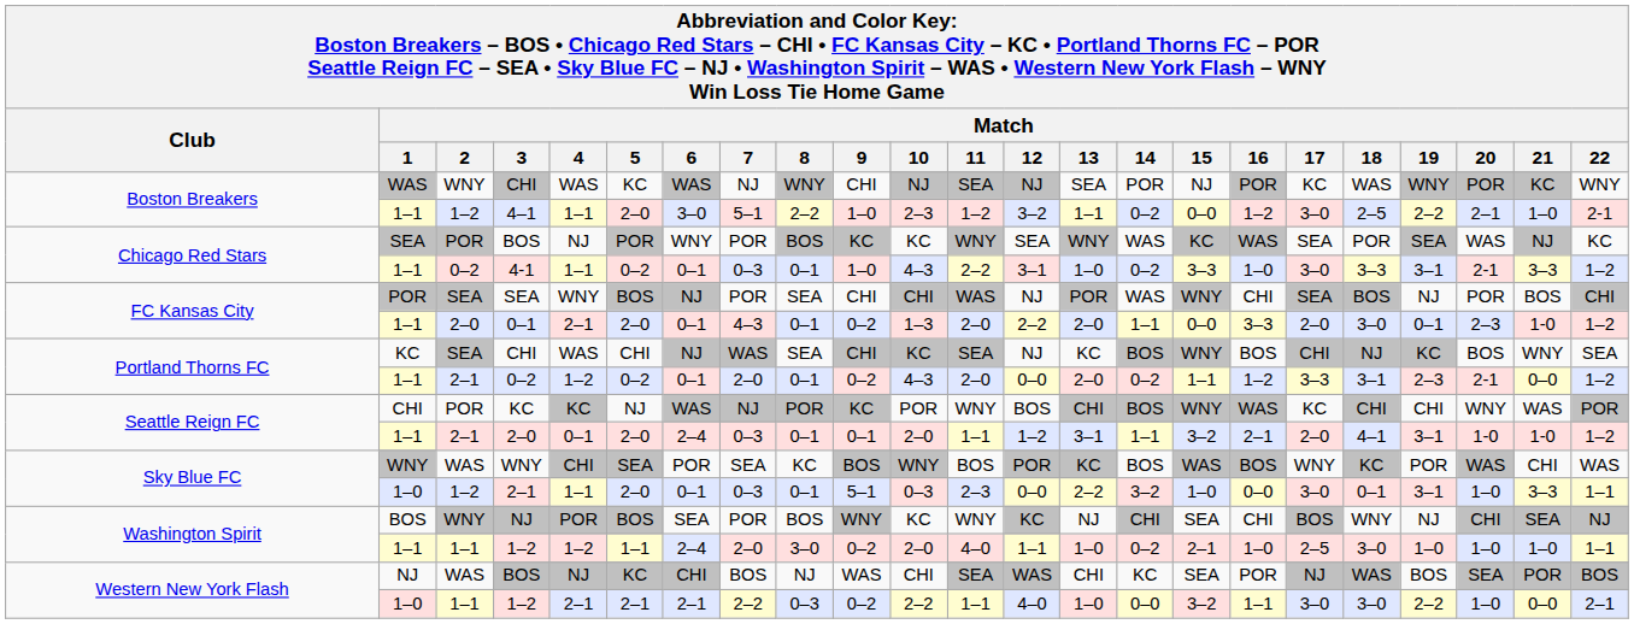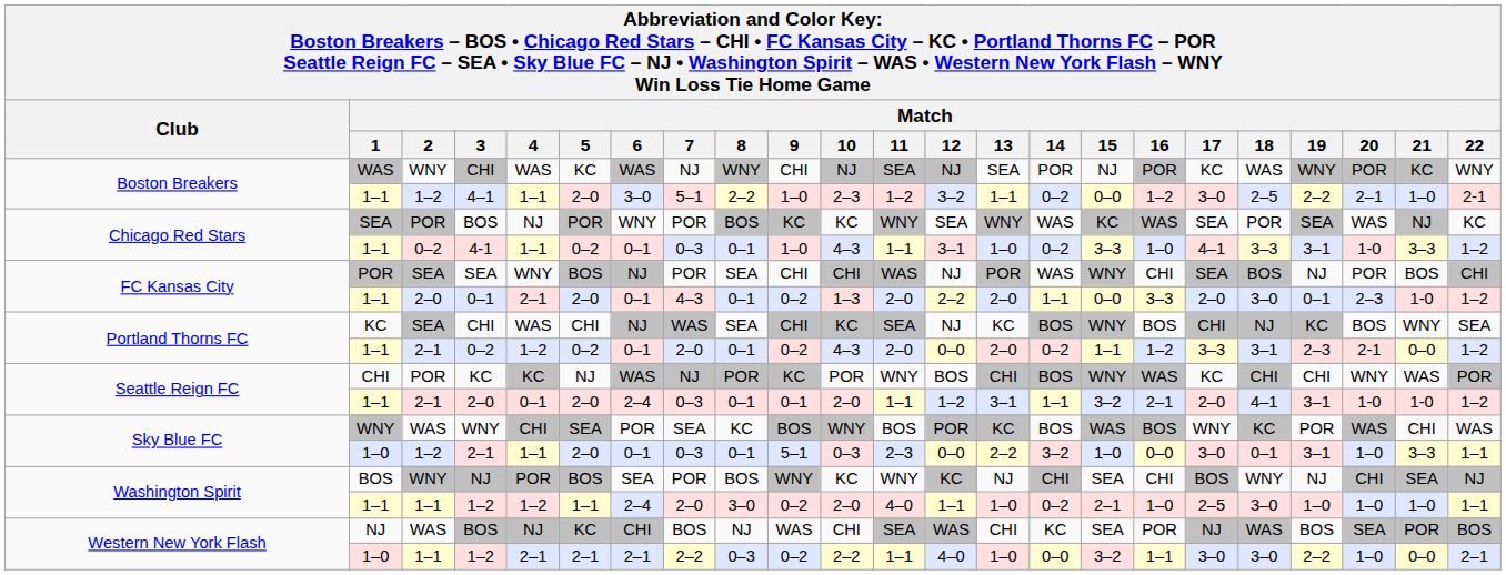 <table class="wikitable" style="text-align:center;width=90%">
 <tr>
 <th colspan="23">Abbreviation and Color Key:<br><a href='#'>Boston Breakers</a> – BOS • <a href='#'>Chicago Red Stars</a> – CHI • <a href='#'>FC Kansas City</a> – KC • <a href='#'>Portland Thorns FC</a> – POR<br><a href='#'>Seattle Reign FC</a> – SEA • <a href='#'>Sky Blue FC</a> – NJ • <a href='#'>Washington Spirit</a> – WAS • <a href='#'>Western New York Flash</a> – WNY<br><span>Win</span>  <span>Loss</span>  <span>Tie</span> <span>Home Game</span></th>
 </tr>
 <tr>
 <th style="width:20%;" rowspan="2">Club</th>
 <th style="width:72%;" colspan="22">Match</th>
 </tr>
 <tr style="background:#ccc; font-size:90%;">
 <th style="width:3%;">1</th>
 <th style="width:3%;">2</th>
 <th style="width:3%;">3</th>
 <th style="width:3%;">4</th>
 <th style="width:3%;">5</th>
 <th style="width:3%;">6</th>
 <th style="width:3%;">7</th>
 <th style="width:3%;">8</th>
 <th style="width:3%;">9</th>
 <th style="width:3%;">10</th>
 <th style="width:3%;">11</th>
 <th style="width:3%;">12</th>
 <th style="width:3%;">13</th>
 <th style="width:3%;">14</th>
 <th style="width:3%;">15</th>
 <th style="width:3%;">16</th>
 <th style="width:3%;">17</th>
 <th style="width:3%;">18</th>
 <th style="width:3%;">19</th>
 <th style="width:3%;">20</th>
 <th style="width:3%;">21</th>
 <th style="width:3%;">22<br> </th>
 </tr>
 <tr style="font-size: 85%">
 <td rowspan="2"><a href='#'>Boston Breakers</a></td>
 <td style="background:silver;">WAS</td>
 <td>WNY</td>
 <td style="background:silver;">CHI</td>
 <td>WAS</td>
 <td>KC</td>
 <td style="background:silver;">WAS</td>
 <td>NJ</td>
 <td style="background:silver;">WNY</td>
 <td>CHI</td>
 <td style="background:silver;">NJ</td>
 <td style="background:silver;">SEA</td>
 <td style="background:silver;">NJ</td>
 <td>SEA</td>
 <td>POR</td>
 <td>NJ</td>
 <td style="background:silver;">POR</td>
 <td>KC</td>
 <td>WAS</td>
 <td style="background:silver;">WNY</td>
 <td style="background:silver;">POR</td>
 <td style="background:silver;">KC</td>
 <td>WNY</td>
 </tr>
 <tr style="font-size: 85%">
 <td style="background:#fffdd0;">1–1</td>
 <td style="background:#dfe7ff;">1–2</td>
 <td style="background:#dfe7ff;">4–1</td>
 <td style="background:#fffdd0;">1–1</td>
 <td style="background:#ffdfdf;">2–0</td>
 <td style="background:#dfe7ff;">3–0</td>
 <td style="background:#ffdfdf;">5–1</td>
 <td style="background:#fffdd0;">2–2</td>
 <td style="background:#ffdfdf;">1–0</td>
 <td style="background:#ffdfdf;">2–3</td>
 <td style="background:#ffdfdf;">1–2</td>
 <td style="background:#dfe7ff;">3–2</td>
 <td style="background:#fffdd0;">1–1</td>
 <td style="background:#dfe7ff;">0–2</td>
 <td style="background:#fffdd0;">0–0</td>
 <td style="background:#ffdfdf;">1–2</td>
 <td style="background:#ffdfdf;">3–0</td>
 <td style="background:#dfe7ff;">2–5</td>
 <td style="background:#fffdd0;">2–2</td>
 <td style="background:#dfe7ff;">2–1</td>
 <td style="background:#dfe7ff;">1–0</td>
 <td style="background:#ffdfdf;">2-1</td>
 </tr>
 <tr style="font-size: 85%">
 <td rowspan="2"><a href='#'>Chicago Red Stars</a></td>
 <td style="background:silver;">SEA</td>
 <td style="background:silver;">POR</td>
 <td>BOS</td>
 <td>NJ</td>
 <td style="background:silver;">POR</td>
 <td>WNY</td>
 <td>POR</td>
 <td style="background:silver;">BOS</td>
 <td style="background:silver;">KC</td>
 <td>KC</td>
 <td style="background:silver;">WNY</td>
 <td>SEA</td>
 <td style="background:silver;">WNY</td>
 <td>WAS</td>
 <td style="background:silver;">KC</td>
 <td style="background:silver;">WAS</td>
 <td>SEA</td>
 <td>POR</td>
 <td style="background:silver;">SEA</td>
 <td>WAS</td>
 <td style="background:silver;">NJ</td>
 <td>KC</td>
 </tr>
 <tr style="font-size: 85%">
 <td style="background:#fffdd0;">1–1</td>
 <td style="background:#ffdfdf;">0–2</td>
 <td style="background:#ffdfdf;">4-1</td>
 <td style="background:#fffdd0;">1–1</td>
 <td style="background:#ffdfdf;">0–2</td>
 <td style="background:#ffdfdf;">0–1</td>
 <td style="background:#dfe7ff;">0–3</td>
 <td style="background:#dfe7ff;">0–1</td>
 <td style="background:#ffdfdf;">1–0</td>
 <td style="background:#dfe7ff;">4–3</td>
-<td style="background:#fffdd0;">2–2</td>
+<td style="background:#fffdd0;">1–1</td>
 <td style="background:#ffdfdf;">3–1</td>
 <td style="background:#dfe7ff;">1–0</td>
 <td style="background:#dfe7ff;">0–2</td>
 <td style="background:#fffdd0;">3–3</td>
 <td style="background:#dfe7ff;">1–0</td>
-<td style="background:#ffdfdf;">3–0</td>
+<td style="background:#ffdfdf;">4–1</td>
 <td style="background:#fffdd0;">3–3</td>
 <td style="background:#dfe7ff;">3–1</td>
-<td style="background:#ffdfdf;">2-1</td>
+<td style="background:#ffdfdf;">1-0</td>
 <td style="background:#fffdd0;">3–3</td>
 <td style="background:#dfe7ff;">1–2</td>
 </tr>
 <tr style="font-size: 85%">
 <td rowspan="2"><a href='#'>FC Kansas City</a></td>
 <td style="background:silver;">POR</td>
 <td style="background:silver;">SEA</td>
 <td>SEA</td>
 <td>WNY</td>
 <td style="background:silver;">BOS</td>
 <td style="background:silver;">NJ</td>
 <td>POR</td>
 <td>SEA</td>
 <td>CHI</td>
 <td style="background:silver;">CHI</td>
 <td style="background:silver;">WAS</td>
 <td>NJ</td>
 <td style="background:silver;">POR</td>
 <td>WAS</td>
 <td style="background:silver;">WNY</td>
 <td>CHI</td>
 <td style="background:silver;">SEA</td>
 <td style="background:silver;">BOS</td>
 <td>NJ</td>
 <td>POR</td>
 <td>BOS</td>
 <td style="background:silver;">CHI</td>
 </tr>
 <tr style="font-size: 85%">
 <td style="background:#fffdd0;">1–1</td>
 <td style="background:#dfe7ff;">2–0</td>
 <td style="background:#dfe7ff;">0–1</td>
 <td style="background:#ffdfdf;">2–1</td>
 <td style="background:#dfe7ff;">2–0</td>
 <td style="background:#ffdfdf;">0–1</td>
 <td style="background:#ffdfdf;">4–3</td>
 <td style="background:#dfe7ff;">0–1</td>
 <td style="background:#dfe7ff;">0–2</td>
 <td style="background:#ffdfdf;">1–3</td>
 <td style="background:#dfe7ff;">2–0</td>
 <td style="background:#fffdd0;">2–2</td>
 <td style="background:#dfe7ff;">2–0</td>
 <td style="background:#fffdd0;">1–1</td>
 <td style="background:#fffdd0;">0–0</td>
 <td style="background:#fffdd0;">3–3</td>
 <td style="background:#dfe7ff;">2–0</td>
 <td style="background:#dfe7ff;">3–0</td>
 <td style="background:#dfe7ff;">0–1</td>
 <td style="background:#dfe7ff;">2–3</td>
 <td style="background:#ffdfdf;">1-0</td>
 <td style="background:#ffdfdf;">1–2</td>
 </tr>
 <tr style="font-size: 85%">
 <td rowspan="2"><a href='#'>Portland Thorns FC</a></td>
 <td>KC</td>
 <td style="background:silver;">SEA</td>
 <td>CHI</td>
 <td>WAS</td>
 <td>CHI</td>
 <td style="background:silver;">NJ</td>
 <td style="background:silver;">WAS</td>
 <td>SEA</td>
 <td style="background:silver;">CHI</td>
 <td style="background:silver;">KC</td>
 <td style="background:silver;">SEA</td>
 <td>NJ</td>
 <td>KC</td>
 <td style="background:silver;">BOS</td>
 <td style="background:silver;">WNY</td>
 <td>BOS</td>
 <td style="background:silver;">CHI</td>
 <td style="background:silver;">NJ</td>
 <td style="background:silver;">KC</td>
 <td>BOS</td>
 <td>WNY</td>
 <td>SEA</td>
 </tr>
 <tr style="font-size: 85%">
 <td style="background:#fffdd0;">1–1</td>
 <td style="background:#dfe7ff;">2–1</td>
 <td style="background:#dfe7ff;">0–2</td>
 <td style="background:#dfe7ff;">1–2</td>
 <td style="background:#dfe7ff;">0–2</td>
 <td style="background:#ffdfdf;">0–1</td>
 <td style="background:#dfe7ff;">2–0</td>
 <td style="background:#dfe7ff;">0–1</td>
 <td style="background:#ffdfdf;">0–2</td>
 <td style="background:#dfe7ff;">4–3</td>
 <td style="background:#dfe7ff;">2–0</td>
 <td style="background:#fffdd0;">0–0</td>
 <td style="background:#ffdfdf;">2–0</td>
 <td style="background:#ffdfdf;">0–2</td>
 <td style="background:#fffdd0;">1–1</td>
 <td style="background:#dfe7ff;">1–2</td>
 <td style="background:#fffdd0;">3–3</td>
 <td style="background:#dfe7ff;">3–1</td>
 <td style="background:#ffdfdf;">2–3</td>
 <td style="background:#ffdfdf;">2-1</td>
 <td style="background:#fffdd0;">0–0</td>
 <td style="background:#dfe7ff;">1–2</td>
 </tr>
 <tr style="font-size: 85%">
 <td rowspan="2"><a href='#'>Seattle Reign FC</a></td>
 <td>CHI</td>
 <td>POR</td>
 <td>KC</td>
 <td style="background:silver;">KC</td>
 <td>NJ</td>
 <td style="background:silver;">WAS</td>
 <td style="background:silver;">NJ</td>
 <td style="background:silver;">POR</td>
 <td style="background:silver;">KC</td>
 <td>POR</td>
 <td>WNY</td>
 <td>BOS</td>
 <td style="background:silver;">CHI</td>
 <td style="background:silver;">BOS</td>
 <td style="background:silver;">WNY</td>
 <td style="background:silver;">WAS</td>
 <td>KC</td>
 <td style="background:silver;">CHI</td>
 <td>CHI</td>
 <td>WNY</td>
 <td>WAS</td>
 <td style="background:silver;">POR</td>
 </tr>
 <tr style="font-size: 85%">
 <td style="background:#fffdd0;">1–1</td>
 <td style="background:#ffdfdf;">2–1</td>
 <td style="background:#ffdfdf;">2–0</td>
 <td style="background:#ffdfdf;">0–1</td>
 <td style="background:#ffdfdf;">2–0</td>
 <td style="background:#ffdfdf;">2–4</td>
 <td style="background:#ffdfdf;">0–3</td>
 <td style="background:#ffdfdf;">0–1</td>
 <td style="background:#ffdfdf;">0–1</td>
 <td style="background:#ffdfdf;">2–0</td>
 <td style="background:#fffdd0;">1–1</td>
 <td style="background:#dfe7ff;">1–2</td>
 <td style="background:#dfe7ff;">3–1</td>
 <td style="background:#fffdd0;">1–1</td>
 <td style="background:#dfe7ff;">3–2</td>
 <td style="background:#dfe7ff;">2–1</td>
 <td style="background:#ffdfdf;">2–0</td>
 <td style="background:#dfe7ff;">4–1</td>
 <td style="background:#ffdfdf;">3–1</td>
 <td style="background:#ffdfdf;">1-0</td>
 <td style="background:#ffdfdf;">1-0</td>
 <td style="background:#ffdfdf;">1–2</td>
 </tr>
 <tr style="font-size: 85%">
 <td rowspan="2"><a href='#'>Sky Blue FC</a></td>
 <td style="background:silver;">WNY</td>
 <td>WAS</td>
 <td>WNY</td>
 <td style="background:silver;">CHI</td>
 <td style="background:silver;">SEA</td>
 <td>POR</td>
 <td>SEA</td>
 <td>KC</td>
 <td style="background:silver;">BOS</td>
 <td style="background:silver;">WNY</td>
 <td>BOS</td>
 <td style="background:silver;">POR</td>
 <td style="background:silver;">KC</td>
 <td>BOS</td>
 <td style="background:silver;">WAS</td>
 <td style="background:silver;">BOS</td>
 <td>WNY</td>
 <td style="background:silver;">KC</td>
 <td>POR</td>
 <td style="background:silver;">WAS</td>
 <td>CHI</td>
 <td>WAS</td>
 </tr>
 <tr style="font-size: 85%">
 <td style="background:#dfe7ff;">1–0</td>
 <td style="background:#dfe7ff;">1–2</td>
 <td style="background:#ffdfdf;">2–1</td>
 <td style="background:#fffdd0;">1–1</td>
 <td style="background:#dfe7ff;">2–0</td>
 <td style="background:#dfe7ff;">0–1</td>
 <td style="background:#dfe7ff;">0–3</td>
 <td style="background:#dfe7ff;">0–1</td>
 <td style="background:#dfe7ff;">5–1</td>
 <td style="background:#ffdfdf;">0–3</td>
 <td style="background:#dfe7ff;">2–3</td>
 <td style="background:#fffdd0;">0–0</td>
 <td style="background:#fffdd0;">2–2</td>
 <td style="background:#ffdfdf;">3–2</td>
 <td style="background:#dfe7ff;">1–0</td>
 <td style="background:#fffdd0;">0–0</td>
 <td style="background:#ffdfdf;">3–0</td>
 <td style="background:#ffdfdf;">0–1</td>
 <td style="background:#ffdfdf;">3–1</td>
 <td style="background:#dfe7ff;">1–0</td>
 <td style="background:#fffdd0;">3–3</td>
 <td style="background:#fffdd0;">1–1</td>
 </tr>
 <tr style="font-size: 85%">
 <td rowspan="2"><a href='#'>Washington Spirit</a></td>
 <td>BOS</td>
 <td style="background:silver;">WNY</td>
 <td style="background:silver;">NJ</td>
 <td style="background:silver;">POR</td>
 <td style="background:silver;">BOS</td>
 <td>SEA</td>
 <td>POR</td>
 <td>BOS</td>
 <td style="background:silver;">WNY</td>
 <td>KC</td>
 <td>WNY</td>
 <td style="background:silver;">KC</td>
 <td>NJ</td>
 <td style="background:silver;">CHI</td>
 <td>SEA</td>
 <td>CHI</td>
 <td style="background:silver;">BOS</td>
 <td>WNY</td>
 <td>NJ</td>
 <td style="background:silver;">CHI</td>
 <td style="background:silver;">SEA</td>
 <td style="background:silver;">NJ</td>
 </tr>
 <tr style="font-size: 85%">
 <td style="background:#fffdd0;">1–1</td>
 <td style="background:#fffdd0;">1–1</td>
 <td style="background:#ffdfdf;">1–2</td>
 <td style="background:#ffdfdf;">1–2</td>
 <td style="background:#fffdd0;">1–1</td>
 <td style="background:#dfe7ff;">2–4</td>
 <td style="background:#ffdfdf;">2–0</td>
 <td style="background:#ffdfdf;">3–0</td>
 <td style="background:#ffdfdf;">0–2</td>
 <td style="background:#ffdfdf;">2–0</td>
 <td style="background:#ffdfdf;">4–0</td>
 <td style="background:#fffdd0;">1–1</td>
 <td style="background:#ffdfdf;">1–0</td>
 <td style="background:#ffdfdf;">0–2</td>
 <td style="background:#ffdfdf;">2–1</td>
 <td style="background:#ffdfdf;">1–0</td>
 <td style="background:#ffdfdf;">2–5</td>
 <td style="background:#ffdfdf;">3–0</td>
 <td style="background:#ffdfdf;">1–0</td>
 <td style="background:#dfe7ff;">1–0</td>
 <td style="background:#dfe7ff;">1–0</td>
 <td style="background:#fffdd0;">1–1</td>
 </tr>
 <tr style="font-size: 85%">
 <td rowspan="2"><a href='#'>Western New York Flash</a></td>
 <td>NJ</td>
 <td>WAS</td>
 <td style="background:silver;">BOS</td>
 <td style="background:silver;">NJ</td>
 <td style="background:silver;">KC</td>
 <td style="background:silver;">CHI</td>
 <td>BOS</td>
 <td>NJ</td>
 <td>WAS</td>
 <td>CHI</td>
 <td style="background:silver;">SEA</td>
 <td style="background:silver;">WAS</td>
 <td>CHI</td>
 <td>KC</td>
 <td>SEA</td>
 <td>POR</td>
 <td style="background:silver;">NJ</td>
 <td style="background:silver;">WAS</td>
 <td>BOS</td>
 <td style="background:silver;">SEA</td>
 <td style="background:silver;">POR</td>
 <td style="background:silver;">BOS</td>
 </tr>
 <tr style="font-size: 85%">
 <td style="background:#ffdfdf;">1–0</td>
 <td style="background:#fffdd0;">1–1</td>
 <td style="background:#ffdfdf;">1–2</td>
 <td style="background:#dfe7ff;">2–1</td>
 <td style="background:#dfe7ff;">2–1</td>
 <td style="background:#dfe7ff;">2–1</td>
 <td style="background:#fffdd0;">2–2</td>
 <td style="background:#dfe7ff;">0–3</td>
 <td style="background:#dfe7ff;">0–2</td>
 <td style="background:#fffdd0;">2–2</td>
 <td style="background:#fffdd0;">1–1</td>
 <td style="background:#dfe7ff;">4–0</td>
 <td style="background:#ffdfdf;">1–0</td>
 <td style="background:#fffdd0;">0–0</td>
 <td style="background:#ffdfdf;">3–2</td>
 <td style="background:#fffdd0;">1–1</td>
 <td style="background:#dfe7ff;">3–0</td>
 <td style="background:#dfe7ff;">3–0</td>
 <td style="background:#fffdd0;">2–2</td>
 <td style="background:#dfe7ff;">1–0</td>
 <td style="background:#fffdd0;">0–0</td>
 <td style="background:#dfe7ff;">2–1<br></td>
 </tr>
 </table>
